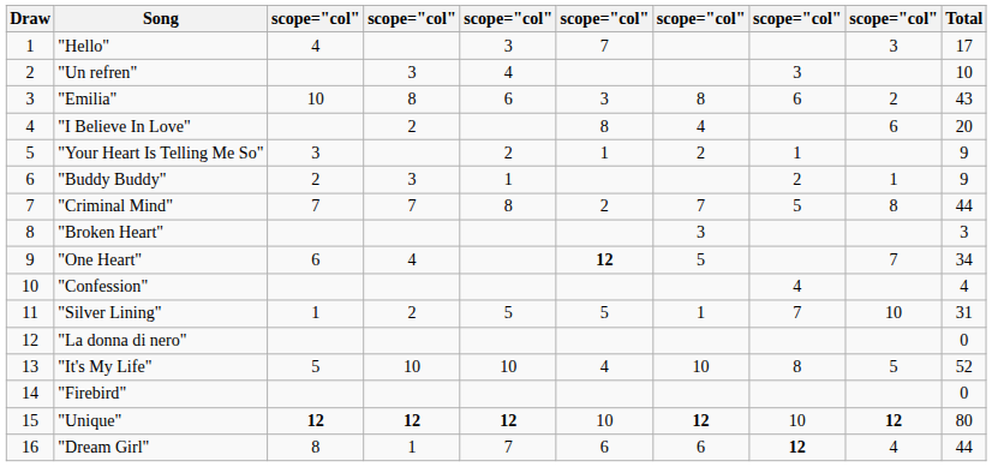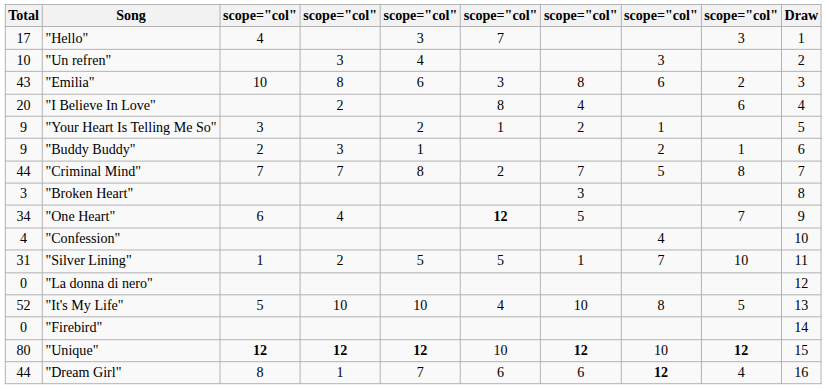 <table class="wikitable collapsible" style="margin: 1em auto 1em auto; text-align:center;">
 <tr>
-<th>Draw</th>
+<th>Total</th>
 <th>Song</th>
 <th>scope="col" </th>
 <th>scope="col" </th>
 <th>scope="col" </th>
 <th>scope="col" </th>
 <th>scope="col" </th>
 <th>scope="col" </th>
 <th>scope="col" </th>
-<th>Total</th>
+<th>Draw</th>
 </tr>
 <tr>
-<td>1</td>
+<td>17</td>
 <td align="left">"Hello"</td>
 <td>4</td>
 <td></td>
 <td>3</td>
 <td>7</td>
 <td></td>
 <td></td>
 <td>3</td>
-<td>17</td>
+<td>1</td>
 </tr>
 <tr>
-<td>2</td>
+<td>10</td>
 <td align="left">"Un refren"</td>
 <td></td>
 <td>3</td>
 <td>4</td>
 <td></td>
 <td></td>
 <td>3</td>
 <td></td>
-<td>10</td>
+<td>2</td>
 </tr>
 <tr>
-<td>3</td>
+<td>43</td>
 <td align="left">"Emilia"</td>
 <td>10</td>
 <td>8</td>
 <td>6</td>
 <td>3</td>
 <td>8</td>
 <td>6</td>
 <td>2</td>
-<td>43</td>
+<td>3</td>
 </tr>
 <tr>
-<td>4</td>
+<td>20</td>
 <td align="left">"I Believe In Love"</td>
 <td></td>
 <td>2</td>
 <td></td>
 <td>8</td>
 <td>4</td>
 <td></td>
 <td>6</td>
-<td>20</td>
+<td>4</td>
 </tr>
 <tr>
-<td>5</td>
+<td>9</td>
 <td align="left">"Your Heart Is Telling Me So"</td>
 <td>3</td>
 <td></td>
 <td>2</td>
 <td>1</td>
 <td>2</td>
 <td>1</td>
 <td></td>
-<td>9</td>
+<td>5</td>
 </tr>
 <tr>
-<td>6</td>
+<td>9</td>
 <td align="left">"Buddy Buddy"</td>
 <td>2</td>
 <td>3</td>
 <td>1</td>
 <td></td>
 <td></td>
 <td>2</td>
 <td>1</td>
-<td>9</td>
+<td>6</td>
 </tr>
 <tr>
-<td>7</td>
+<td>44</td>
 <td align="left">"Criminal Mind"</td>
 <td>7</td>
 <td>7</td>
 <td>8</td>
 <td>2</td>
 <td>7</td>
 <td>5</td>
 <td>8</td>
-<td>44</td>
+<td>7</td>
 </tr>
 <tr>
-<td>8</td>
+<td>3</td>
 <td align="left">"Broken Heart"</td>
 <td></td>
 <td></td>
 <td></td>
 <td></td>
 <td>3</td>
 <td></td>
 <td></td>
-<td>3</td>
+<td>8</td>
 </tr>
 <tr>
-<td>9</td>
+<td>34</td>
 <td align="left">"One Heart"</td>
 <td>6</td>
 <td>4</td>
 <td></td>
 <td><strong>12</strong></td>
 <td>5</td>
 <td></td>
 <td>7</td>
-<td>34</td>
+<td>9</td>
 </tr>
 <tr>
-<td>10</td>
+<td>4</td>
 <td align="left">"Confession"</td>
 <td></td>
 <td></td>
 <td></td>
 <td></td>
 <td></td>
 <td>4</td>
 <td></td>
-<td>4</td>
+<td>10</td>
 </tr>
 <tr>
-<td>11</td>
+<td>31</td>
 <td align="left">"Silver Lining"</td>
 <td>1</td>
 <td>2</td>
 <td>5</td>
 <td>5</td>
 <td>1</td>
 <td>7</td>
 <td>10</td>
-<td>31</td>
+<td>11</td>
 </tr>
 <tr>
-<td>12</td>
+<td>0</td>
 <td align="left">"La donna di nero"</td>
 <td></td>
 <td></td>
 <td></td>
 <td></td>
 <td></td>
 <td></td>
 <td></td>
-<td>0</td>
+<td>12</td>
 </tr>
 <tr>
-<td>13</td>
+<td>52</td>
 <td align="left">"It's My Life"</td>
 <td>5</td>
 <td>10</td>
 <td>10</td>
 <td>4</td>
 <td>10</td>
 <td>8</td>
 <td>5</td>
-<td>52</td>
+<td>13</td>
 </tr>
 <tr>
-<td>14</td>
+<td>0</td>
 <td align="left">"Firebird"</td>
 <td></td>
 <td></td>
 <td></td>
 <td></td>
 <td></td>
 <td></td>
 <td></td>
-<td>0</td>
+<td>14</td>
 </tr>
 <tr>
-<td>15</td>
+<td>80</td>
 <td align="left">"Unique"</td>
 <td><strong>12</strong></td>
 <td><strong>12</strong></td>
 <td><strong>12</strong></td>
 <td>10</td>
 <td><strong>12</strong></td>
 <td>10</td>
 <td><strong>12</strong></td>
-<td>80</td>
+<td>15</td>
 </tr>
 <tr>
-<td>16</td>
+<td>44</td>
 <td align="left">"Dream Girl"</td>
 <td>8</td>
 <td>1</td>
 <td>7</td>
 <td>6</td>
 <td>6</td>
 <td><strong>12</strong></td>
 <td>4</td>
-<td>44</td>
+<td>16</td>
 </tr>
 </table>
